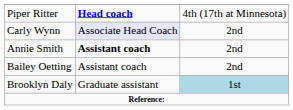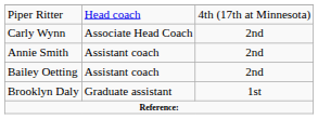 <table class="wikitable" style="font-size:93%;">
 <tr>
 </tr>
 <tr>
 <td>Piper Ritter</td>
-<td><strong><a href='#'>Head coach</a></strong></td>
+<td><a href='#'>Head coach</a></td>
 <td align=center>4th (17th at  Minnesota)</td>
 </tr>
 <tr>
 <td>Carly Wynn</td>
-<td style="background: lavender;">Associate Head Coach</td>
+<td>Associate Head Coach</td>
 <td align="center">2nd</td>
 </tr>
 <tr>
 <td>Annie Smith</td>
-<td><strong>Assistant coach</strong></td>
+<td>Assistant coach</td>
 <td align="center">2nd</td>
 </tr>
 <tr>
 <td>Bailey Oetting</td>
 <td>Assistant coach</td>
 <td align="center">2nd</td>
 </tr>
 <tr>
 <td>Brooklyn Daly</td>
 <td>Graduate assistant</td>
-<td align="center" style="background: lightblue;">1st</td>
+<td align="center">1st</td>
 </tr>
 <tr>
 <td colspan="4" style="font-size:8pt; text-align:center;"><strong>Reference:</strong></td>
 </tr>
 </table>
